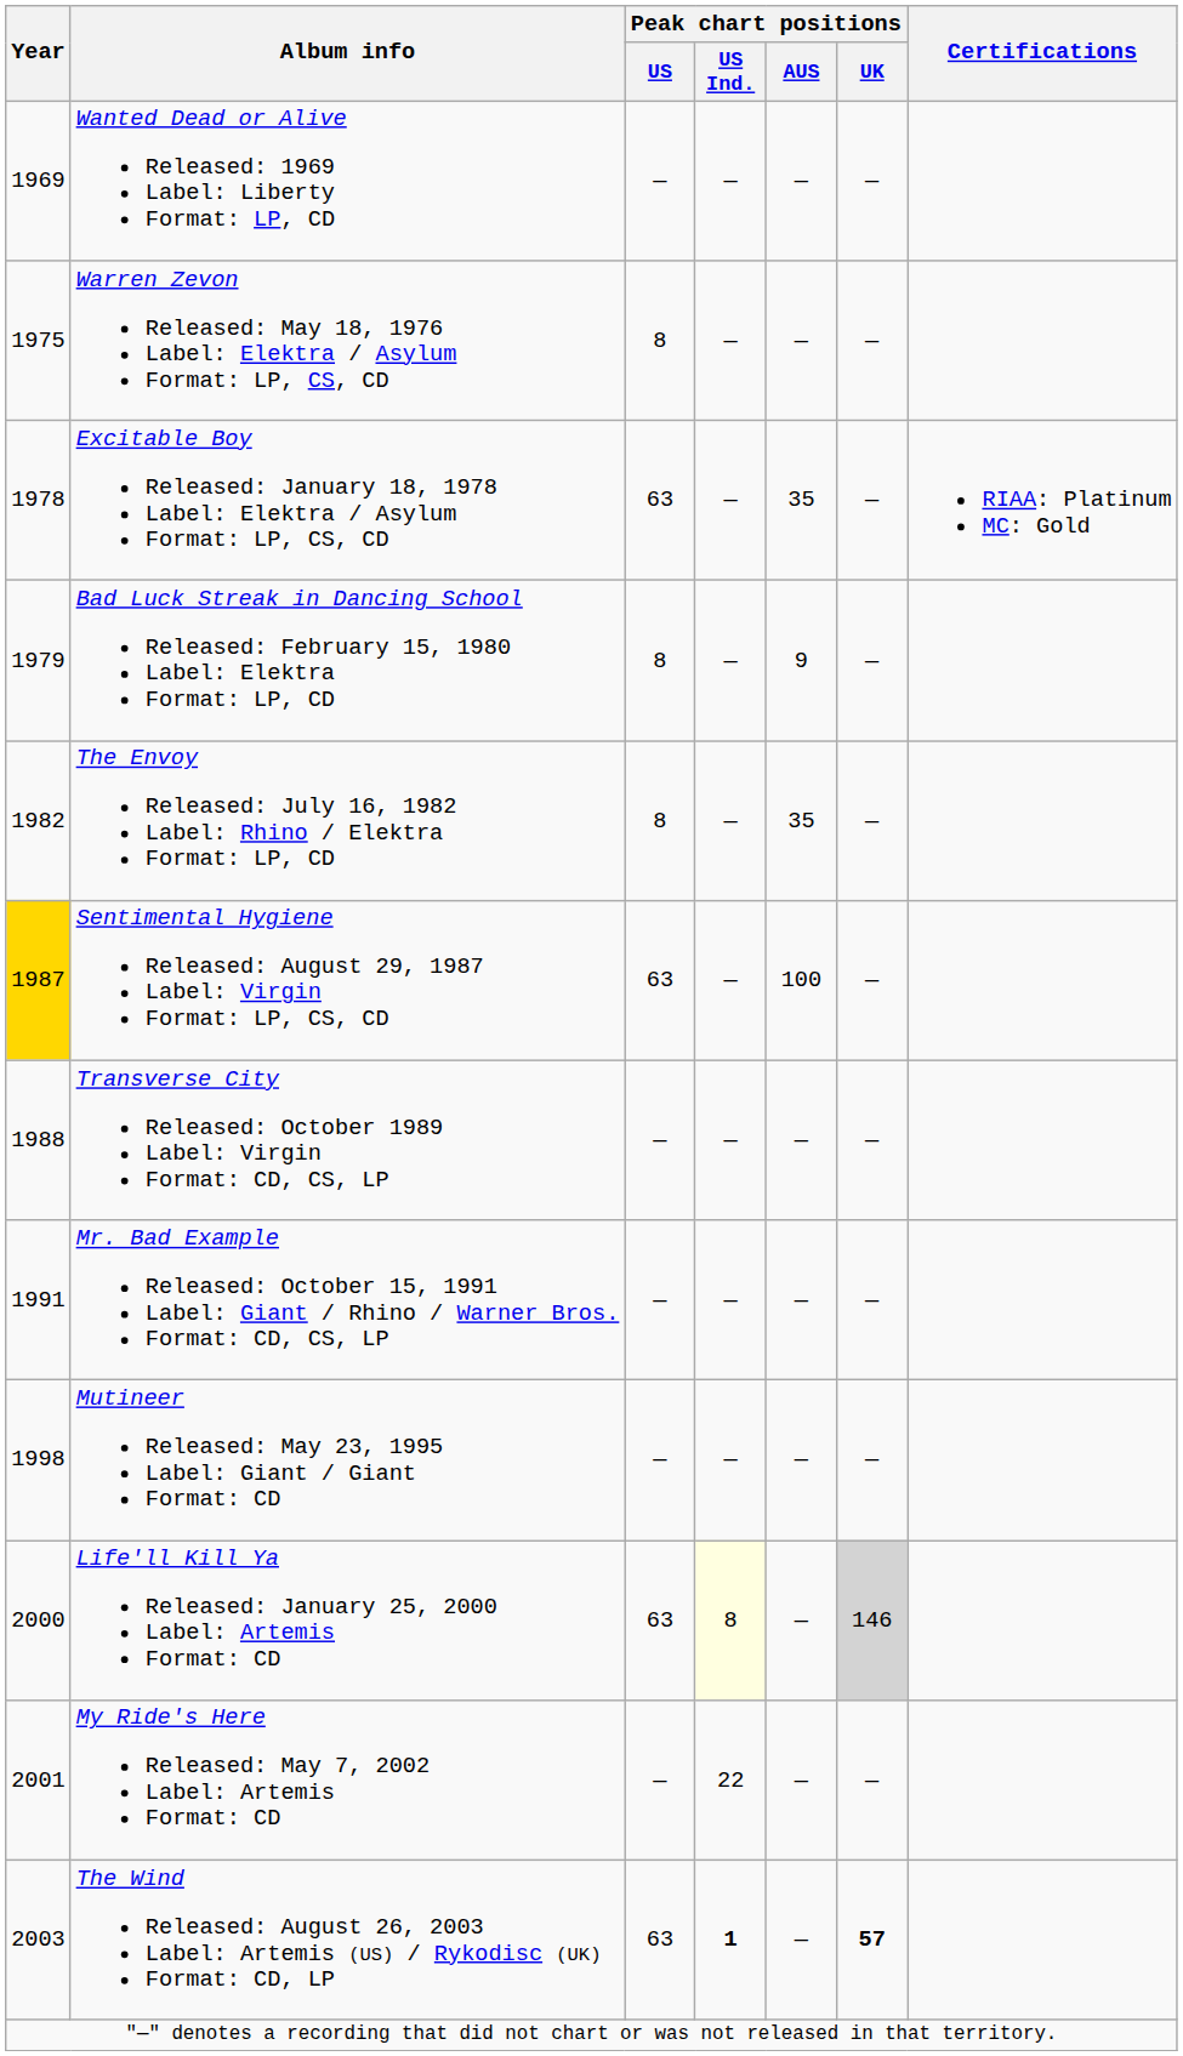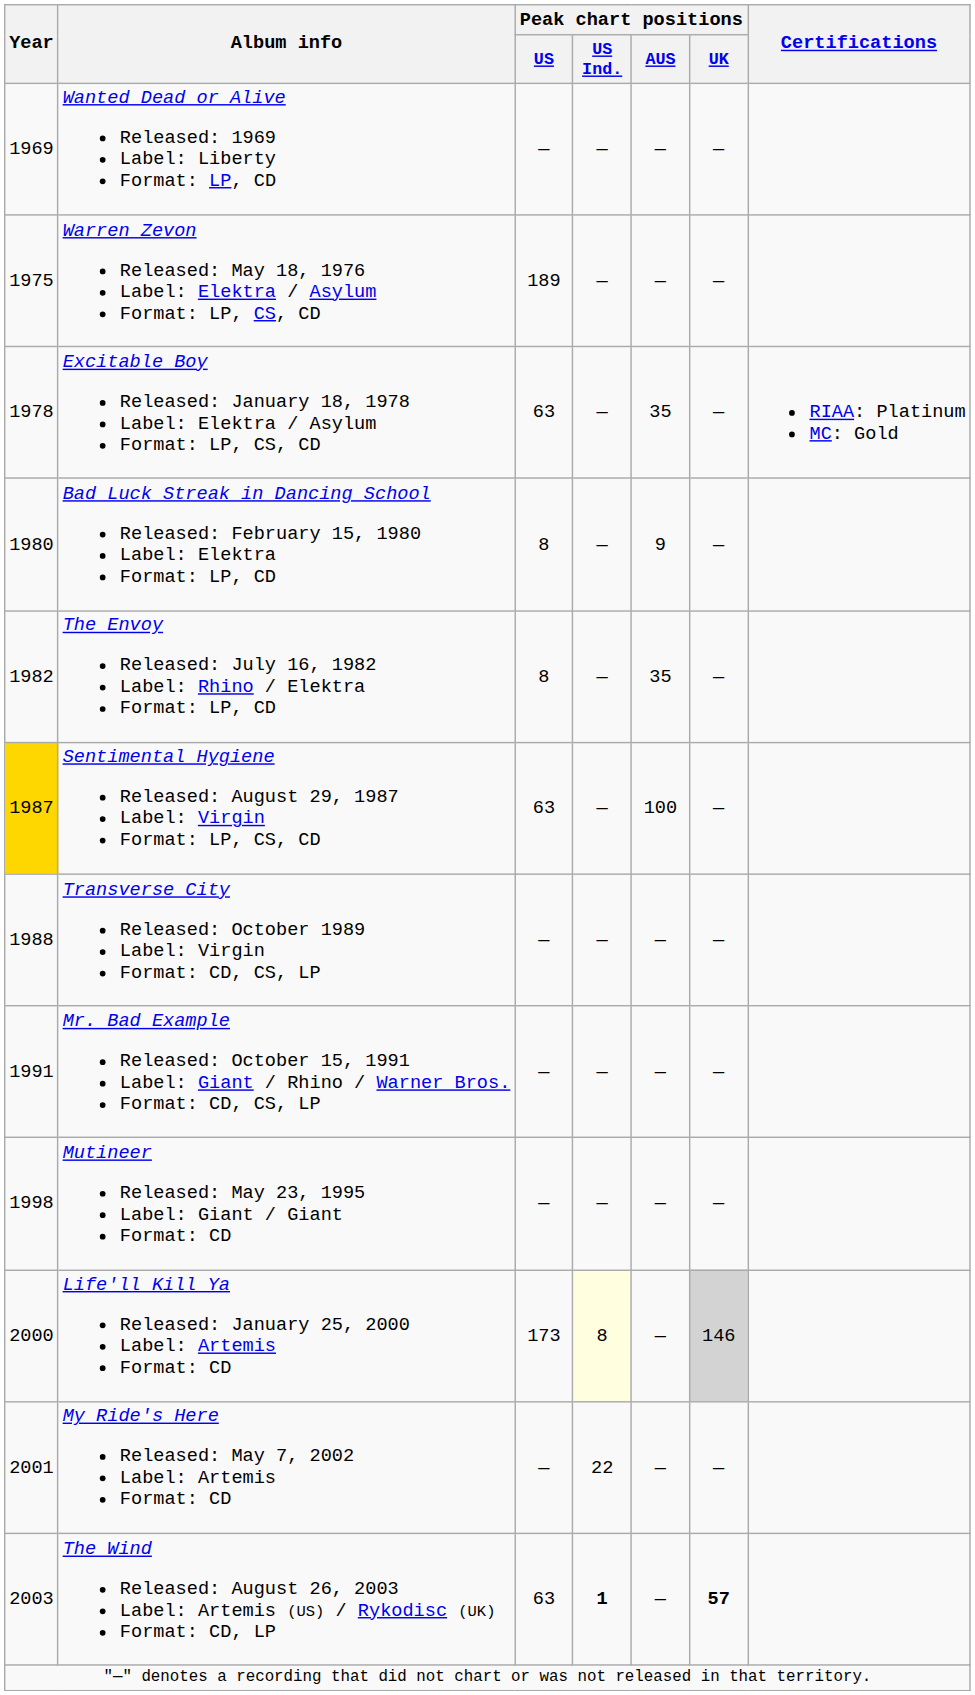 <table class="wikitable">
 <tr>
 <th rowspan="2">Year</th>
 <th rowspan="2">Album info</th>
 <th colspan="4">Peak chart positions</th>
 <th rowspan="2"><a href='#'>Certifications</a></th>
 </tr>
 <tr>
 <th style="width:3em;font-size:90%;"><a href='#'>US</a><br></th>
 <th style="width:3em;font-size:90%;"><a href='#'>US<br>Ind.</a><br></th>
 <th style="width:3em;font-size:90%;"><a href='#'>AUS</a><br></th>
 <th style="width:3em;font-size:90%;"><a href='#'>UK</a><br></th>
 </tr>
 <tr>
 <td style="text-align:center;">1969</td>
 <td><em><a href='#'>Wanted Dead or Alive</a></em><br><ul><li>Released: 1969</li><li>Label: Liberty</li><li>Format: <a href='#'>LP</a>, CD</li></ul></td>
 <td style="text-align:center;">—</td>
 <td style="text-align:center;">—</td>
 <td style="text-align:center;">—</td>
 <td style="text-align:center;">—</td>
 <td></td>
 </tr>
 <tr>
 <td style="text-align:center;">1975</td>
 <td><em><a href='#'>Warren Zevon</a></em><br><ul><li>Released: May 18, 1976</li><li>Label: <a href='#'>Elektra</a> / <a href='#'>Asylum</a></li><li>Format: LP, <a href='#'>CS</a>, CD</li></ul></td>
-<td style="text-align:center;">8</td>
+<td style="text-align:center;">189</td>
 <td style="text-align:center;">—</td>
 <td style="text-align:center;">—</td>
 <td style="text-align:center;">—</td>
 <td></td>
 </tr>
 <tr>
 <td style="text-align:center;">1978</td>
 <td><em><a href='#'>Excitable Boy</a></em><br><ul><li>Released: January 18, 1978</li><li>Label: Elektra / Asylum</li><li>Format: LP, CS, CD</li></ul></td>
 <td style="text-align:center;">63</td>
 <td style="text-align:center;">—</td>
 <td style="text-align:center;">35</td>
 <td style="text-align:center;">—</td>
 <td><br><ul><li><a href='#'>RIAA</a>: Platinum</li><li><a href='#'>MC</a>: Gold</li></ul></td>
 </tr>
 <tr>
-<td style="text-align:center;">1979</td>
+<td style="text-align:center;">1980</td>
 <td><em><a href='#'>Bad Luck Streak in Dancing School</a></em><br><ul><li>Released: February 15, 1980</li><li>Label: Elektra</li><li>Format: LP, CD</li></ul></td>
 <td style="text-align:center;">8</td>
 <td style="text-align:center;">—</td>
 <td style="text-align:center;">9</td>
 <td style="text-align:center;">—</td>
 <td></td>
 </tr>
 <tr>
 <td style="text-align:center;">1982</td>
 <td><em><a href='#'>The Envoy</a></em><br><ul><li>Released: July 16, 1982</li><li>Label: <a href='#'>Rhino</a> / Elektra</li><li>Format: LP, CD</li></ul></td>
 <td style="text-align:center;">8</td>
 <td style="text-align:center;">—</td>
 <td style="text-align:center;">35</td>
 <td style="text-align:center;">—</td>
 <td></td>
 </tr>
 <tr>
 <td style="background: gold; text-align:center;">1987</td>
 <td><em><a href='#'>Sentimental Hygiene</a></em><br><ul><li>Released: August 29, 1987</li><li>Label: <a href='#'>Virgin</a></li><li>Format: LP, CS, CD</li></ul></td>
 <td style="text-align:center;">63</td>
 <td style="text-align:center;">—</td>
 <td style="text-align:center;">100</td>
 <td style="text-align:center;">—</td>
 <td></td>
 </tr>
 <tr>
 <td style="text-align:center;">1988</td>
 <td><em><a href='#'>Transverse City</a></em><br><ul><li>Released: October 1989</li><li>Label: Virgin</li><li>Format: CD, CS, LP</li></ul></td>
 <td style="text-align:center;">—</td>
 <td style="text-align:center;">—</td>
 <td style="text-align:center;">—</td>
 <td style="text-align:center;">—</td>
 <td></td>
 </tr>
 <tr>
 <td style="text-align:center;">1991</td>
 <td><em><a href='#'>Mr. Bad Example</a></em><br><ul><li>Released: October 15, 1991</li><li>Label: <a href='#'>Giant</a> / Rhino / <a href='#'>Warner Bros.</a></li><li>Format: CD, CS, LP</li></ul></td>
 <td style="text-align:center;">—</td>
 <td style="text-align:center;">—</td>
 <td style="text-align:center;">—</td>
 <td style="text-align:center;">—</td>
 <td></td>
 </tr>
 <tr>
 <td style="text-align:center;">1998</td>
 <td><em><a href='#'>Mutineer</a></em><br><ul><li>Released: May 23, 1995</li><li>Label: Giant / Giant</li><li>Format: CD</li></ul></td>
 <td style="text-align:center;">—</td>
 <td style="text-align:center;">—</td>
 <td style="text-align:center;">—</td>
 <td style="text-align:center;">—</td>
 <td></td>
 </tr>
 <tr>
 <td style="text-align:center;">2000</td>
 <td><em><a href='#'>Life'll Kill Ya</a></em><br><ul><li>Released: January 25, 2000</li><li>Label: <a href='#'>Artemis</a></li><li>Format: CD</li></ul></td>
-<td style="text-align:center;">63</td>
+<td style="text-align:center;">173</td>
 <td style="background: lightyellow; text-align:center;">8</td>
 <td style="text-align:center;">—</td>
 <td style="background: lightgrey; text-align:center;">146</td>
 <td></td>
 </tr>
 <tr>
 <td style="text-align:center;">2001</td>
 <td><em><a href='#'>My Ride's Here</a></em><br><ul><li>Released: May 7, 2002</li><li>Label: Artemis</li><li>Format: CD</li></ul></td>
 <td style="text-align:center;">—</td>
 <td style="text-align:center;">22</td>
 <td style="text-align:center;">—</td>
 <td style="text-align:center;">—</td>
 <td></td>
 </tr>
 <tr>
 <td style="text-align:center;">2003</td>
 <td><em><a href='#'>The Wind</a></em><br><ul><li>Released: August 26, 2003</li><li>Label: Artemis <small>(US)</small> / <a href='#'>Rykodisc</a> <small>(UK)</small></li><li>Format: CD, LP</li></ul></td>
 <td style="text-align:center;">63</td>
 <td style="text-align:center;"><strong>1</strong></td>
 <td style="text-align:center;">—</td>
 <td style="text-align:center;"><strong>57</strong></td>
 <td></td>
 </tr>
 <tr>
 <td colspan="7" style="font-size:85%; text-align:center">"—" denotes a recording that did not chart or was not released in that territory.</td>
 </tr>
 </table>
